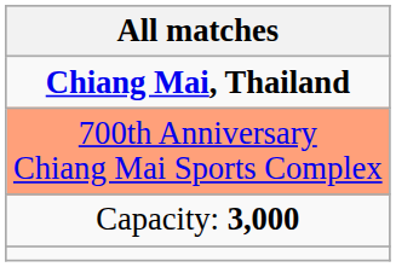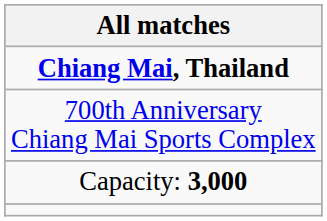 <table class="wikitable" style="text-align:center">
 <tr>
 <th>All matches</th>
 </tr>
 <tr>
 <td><strong><a href='#'>Chiang Mai</a>, Thailand</strong></td>
 </tr>
 <tr>
-<td style="background: lightsalmon;"><a href='#'>700th Anniversary<br>Chiang Mai Sports Complex</a></td>
+<td><a href='#'>700th Anniversary<br>Chiang Mai Sports Complex</a></td>
 </tr>
 <tr>
 <td>Capacity: <strong>3,000</strong></td>
 </tr>
 <tr>
 <td></td>
 </tr>
 </table>
